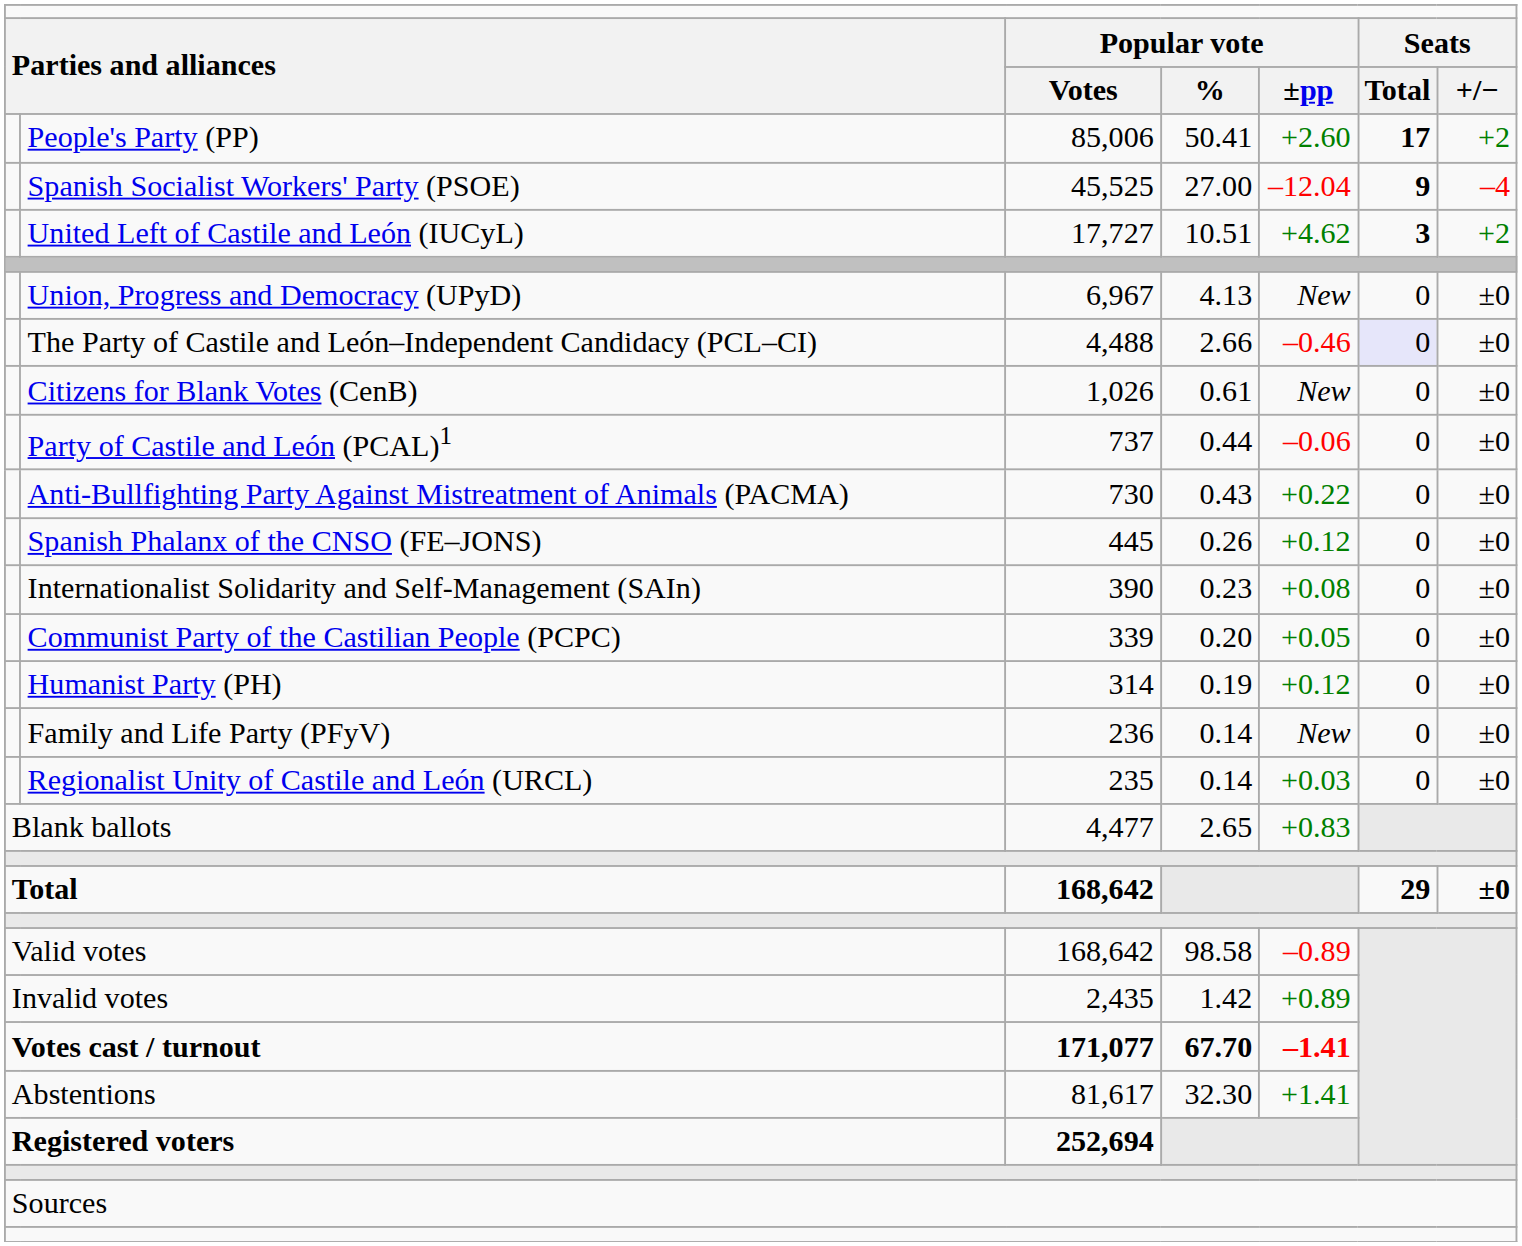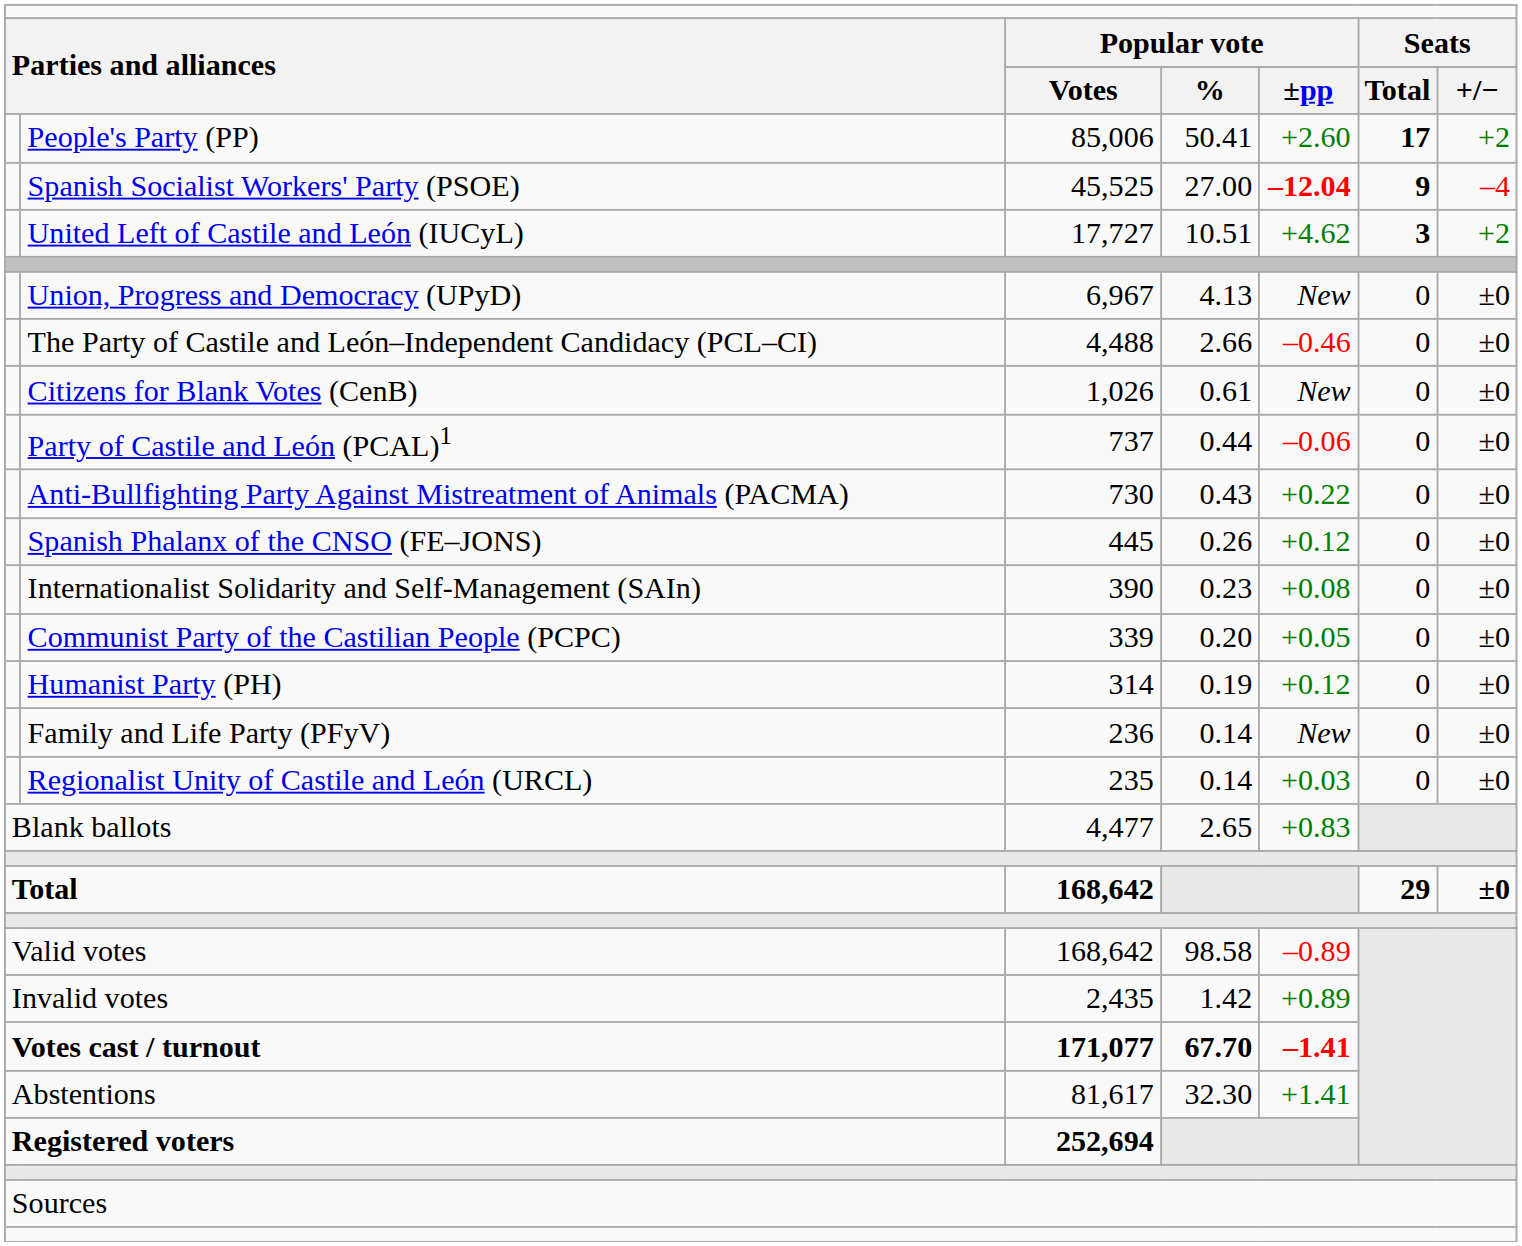 <table class="wikitable" style="text-align:right;">
 <tr>
 <td colspan="7"></td>
 </tr>
 <tr>
 <th style="text-align:left;" rowspan="2" colspan="2" width="525">Parties and alliances</th>
 <th colspan="3">Popular vote</th>
 <th colspan="2">Seats</th>
 </tr>
 <tr>
 <th width="75">Votes</th>
 <th width="45">%</th>
 <th width="45">±<a href='#'>pp</a></th>
 <th width="35">Total</th>
 <th width="35">+/−</th>
 </tr>
 <tr>
 <td width="1" style="color:inherit;background:"></td>
 <td align="left"><a href='#'>People's Party</a> (PP)</td>
 <td>85,006</td>
 <td>50.41</td>
 <td style="color:green;">+2.60</td>
 <td><strong>17</strong></td>
 <td style="color:green;">+2</td>
 </tr>
 <tr>
 <td style="color:inherit;background:"></td>
 <td align="left"><a href='#'>Spanish Socialist Workers' Party</a> (PSOE)</td>
 <td>45,525</td>
 <td>27.00</td>
-<td style="color:red;">–12.04</td>
+<td style="color:red;"><strong>–12.04</strong></td>
 <td><strong>9</strong></td>
 <td style="color:red;">–4</td>
 </tr>
 <tr>
 <td style="color:inherit;background:"></td>
 <td align="left"><a href='#'>United Left of Castile and León</a> (IUCyL)</td>
 <td>17,727</td>
 <td>10.51</td>
 <td style="color:green;">+4.62</td>
 <td><strong>3</strong></td>
 <td style="color:green;">+2</td>
 </tr>
 <tr>
 <td colspan="7" bgcolor="#C0C0C0"></td>
 </tr>
 <tr>
 <td style="color:inherit;background:"></td>
 <td align="left"><a href='#'>Union, Progress and Democracy</a> (UPyD)</td>
 <td>6,967</td>
 <td>4.13</td>
 <td><em>New</em></td>
 <td>0</td>
 <td>±0</td>
 </tr>
 <tr>
 <td style="color:inherit;background:"></td>
 <td align="left">The Party of Castile and León–Independent Candidacy (PCL–CI)</td>
 <td>4,488</td>
 <td>2.66</td>
 <td style="color:red;">–0.46</td>
-<td style="background: lavender;">0</td>
+<td>0</td>
 <td>±0</td>
 </tr>
 <tr>
 <td style="color:inherit;background:"></td>
 <td align="left"><a href='#'>Citizens for Blank Votes</a> (CenB)</td>
 <td>1,026</td>
 <td>0.61</td>
 <td><em>New</em></td>
 <td>0</td>
 <td>±0</td>
 </tr>
 <tr>
 <td style="color:inherit;background:"></td>
 <td align="left"><a href='#'>Party of Castile and León</a> (PCAL)<sup>1</sup></td>
 <td>737</td>
 <td>0.44</td>
 <td style="color:red;">–0.06</td>
 <td>0</td>
 <td>±0</td>
 </tr>
 <tr>
 <td style="color:inherit;background:"></td>
 <td align="left"><a href='#'>Anti-Bullfighting Party Against Mistreatment of Animals</a> (PACMA)</td>
 <td>730</td>
 <td>0.43</td>
 <td style="color:green;">+0.22</td>
 <td>0</td>
 <td>±0</td>
 </tr>
 <tr>
 <td style="color:inherit;background:"></td>
 <td align="left"><a href='#'>Spanish Phalanx of the CNSO</a> (FE–JONS)</td>
 <td>445</td>
 <td>0.26</td>
 <td style="color:green;">+0.12</td>
 <td>0</td>
 <td>±0</td>
 </tr>
 <tr>
 <td style="color:inherit;background:"></td>
 <td align="left">Internationalist Solidarity and Self-Management (SAIn)</td>
 <td>390</td>
 <td>0.23</td>
 <td style="color:green;">+0.08</td>
 <td>0</td>
 <td>±0</td>
 </tr>
 <tr>
 <td style="color:inherit;background:"></td>
 <td align="left"><a href='#'>Communist Party of the Castilian People</a> (PCPC)</td>
 <td>339</td>
 <td>0.20</td>
 <td style="color:green;">+0.05</td>
 <td>0</td>
 <td>±0</td>
 </tr>
 <tr>
 <td style="color:inherit;background:"></td>
 <td align="left"><a href='#'>Humanist Party</a> (PH)</td>
 <td>314</td>
 <td>0.19</td>
 <td style="color:green;">+0.12</td>
 <td>0</td>
 <td>±0</td>
 </tr>
 <tr>
 <td style="color:inherit;background:"></td>
 <td align="left">Family and Life Party (PFyV)</td>
 <td>236</td>
 <td>0.14</td>
 <td><em>New</em></td>
 <td>0</td>
 <td>±0</td>
 </tr>
 <tr>
 <td style="color:inherit;background:"></td>
 <td align="left"><a href='#'>Regionalist Unity of Castile and León</a> (URCL)</td>
 <td>235</td>
 <td>0.14</td>
 <td style="color:green;">+0.03</td>
 <td>0</td>
 <td>±0</td>
 </tr>
 <tr>
 <td align="left" colspan="2">Blank ballots</td>
 <td>4,477</td>
 <td>2.65</td>
 <td style="color:green;">+0.83</td>
 <td bgcolor="#E9E9E9" colspan="2"></td>
 </tr>
 <tr>
 <td colspan="7" bgcolor="#E9E9E9"></td>
 </tr>
 <tr style="font-weight:bold;">
 <td align="left" colspan="2">Total</td>
 <td>168,642</td>
 <td bgcolor="#E9E9E9" colspan="2"></td>
 <td>29</td>
 <td>±0</td>
 </tr>
 <tr>
 <td colspan="7" bgcolor="#E9E9E9"></td>
 </tr>
 <tr>
 <td align="left" colspan="2">Valid votes</td>
 <td>168,642</td>
 <td>98.58</td>
 <td style="color:red;">–0.89</td>
 <td bgcolor="#E9E9E9" colspan="2" rowspan="5"></td>
 </tr>
 <tr>
 <td align="left" colspan="2">Invalid votes</td>
 <td>2,435</td>
 <td>1.42</td>
 <td style="color:green;">+0.89</td>
 </tr>
 <tr style="font-weight:bold;">
 <td align="left" colspan="2">Votes cast / turnout</td>
 <td>171,077</td>
 <td>67.70</td>
 <td style="color:red;">–1.41</td>
 </tr>
 <tr>
 <td align="left" colspan="2">Abstentions</td>
 <td>81,617</td>
 <td>32.30</td>
 <td style="color:green;">+1.41</td>
 </tr>
 <tr style="font-weight:bold;">
 <td align="left" colspan="2">Registered voters</td>
 <td>252,694</td>
 <td bgcolor="#E9E9E9" colspan="2"></td>
 </tr>
 <tr>
 <td colspan="7" bgcolor="#E9E9E9"></td>
 </tr>
 <tr>
 <td align="left" colspan="7">Sources</td>
 </tr>
 <tr>
 <td colspan="7" style="text-align:left; max-width:790px;"></td>
 </tr>
 </table>
